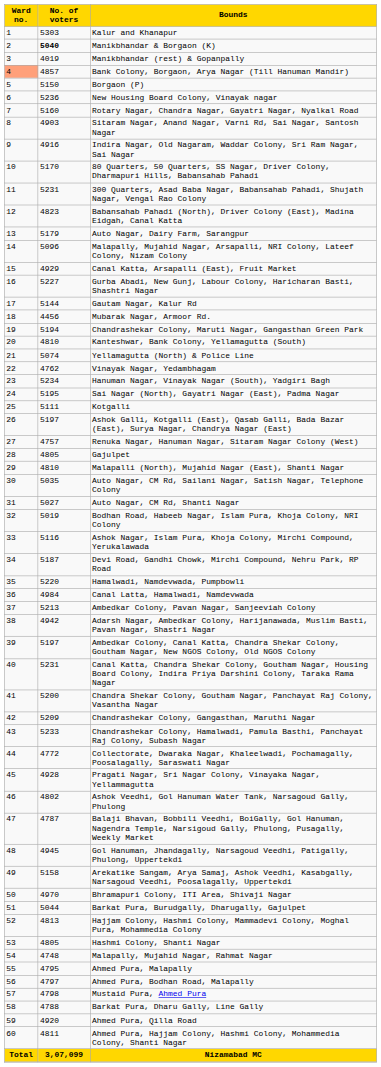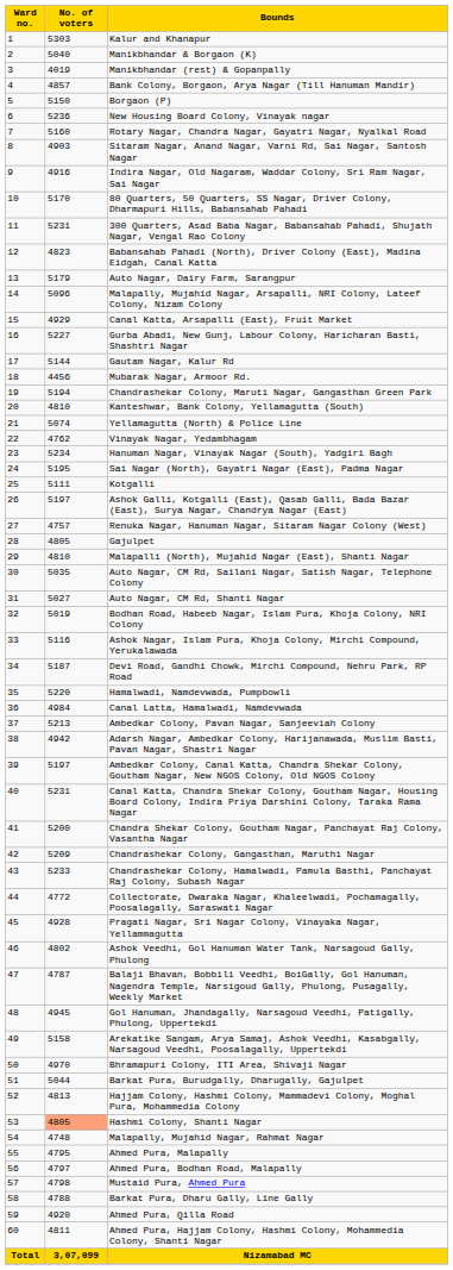 <table class="wikitable sortable">
 <tr>
 <th ! style="background-color:#FFD700">Ward no.</th>
 <th ! style="background-color:#FFD700">No. of voters</th>
 <th ! style="background-color:#FFD700">Bounds</th>
 </tr>
 <tr>
 <td valign="top">1</td>
 <td valign="top">5303</td>
 <td valign="top">Kalur and Khanapur</td>
 </tr>
 <tr>
 <td valign="top">2</td>
-<td valign="top"><strong>5040</strong></td>
+<td valign="top">5040</td>
 <td valign="top">Manikbhandar & Borgaon (K)</td>
 </tr>
 <tr>
 <td valign="top">3</td>
 <td valign="top">4019</td>
 <td valign="top">Manikbhandar (rest) & Gopanpally</td>
 </tr>
 <tr>
-<td valign="top" style="background: lightsalmon;">4</td>
+<td valign="top">4</td>
 <td valign="top">4857</td>
 <td valign="top">Bank Colony, Borgaon, Arya Nagar (Till Hanuman Mandir)</td>
 </tr>
 <tr>
 <td valign="top">5</td>
 <td valign="top">5150</td>
 <td valign="top">Borgaon (P)</td>
 </tr>
 <tr>
 <td valign="top">6</td>
 <td valign="top">5236</td>
 <td valign="top">New Housing Board Colony, Vinayak nagar</td>
 </tr>
 <tr>
 <td valign="top">7</td>
 <td valign="top">5160</td>
 <td valign="top">Rotary Nagar, Chandra Nagar, Gayatri Nagar, Nyalkal Road</td>
 </tr>
 <tr>
 <td valign="top">8</td>
 <td valign="top">4903</td>
 <td valign="top">Sitaram Nagar, Anand Nagar,  Varni Rd, Sai Nagar, Santosh Nagar</td>
 </tr>
 <tr>
 <td valign="top">9</td>
 <td valign="top">4916</td>
 <td valign="top">Indira Nagar, Old Nagaram, Waddar Colony, Sri Ram Nagar, Sai Nagar</td>
 </tr>
 <tr>
 <td valign="top">10</td>
 <td valign="top">5170</td>
 <td valign="top">80 Quarters, 50 Quarters, SS Nagar, Driver Colony, Dharmapuri Hills, Babansahab Pahadi</td>
 </tr>
 <tr>
 <td valign="top">11</td>
 <td valign="top">5231</td>
 <td valign="top">300 Quarters, Asad Baba Nagar, Babansahab Pahadi, Shujath Nagar, Vengal Rao Colony</td>
 </tr>
 <tr>
 <td valign="top">12</td>
 <td valign="top">4823</td>
 <td valign="top">Babansahab Pahadi (North), Driver Colony (East), Madina Eidgah, Canal Katta</td>
 </tr>
 <tr>
 <td valign="top">13</td>
 <td valign="top">5179</td>
 <td valign="top">Auto Nagar, Dairy Farm, Sarangpur</td>
 </tr>
 <tr>
 <td valign="top">14</td>
 <td valign="top">5096</td>
 <td valign="top">Malapally, Mujahid Nagar, Arsapalli, NRI Colony, Lateef Colony, Nizam Colony</td>
 </tr>
 <tr>
 <td valign="top">15</td>
 <td valign="top">4929</td>
 <td valign="top">Canal Katta, Arsapalli (East), Fruit Market</td>
 </tr>
 <tr>
 <td valign="top">16</td>
 <td valign="top">5227</td>
 <td valign="top">Gurba Abadi, New Gunj, Labour Colony, Haricharan Basti, Shashtri Nagar</td>
 </tr>
 <tr>
 <td valign="top">17</td>
 <td valign="top">5144</td>
 <td valign="top">Gautam Nagar, Kalur Rd</td>
 </tr>
 <tr>
 <td valign="top">18</td>
 <td valign="top">4456</td>
 <td valign="top">Mubarak Nagar, Armoor Rd.</td>
 </tr>
 <tr>
 <td valign="top">19</td>
 <td valign="top">5194</td>
 <td valign="top">Chandrashekar Colony, Maruti Nagar, Gangasthan Green Park</td>
 </tr>
 <tr>
 <td valign="top">20</td>
 <td valign="top">4810</td>
 <td valign="top">Kanteshwar, Bank Colony, Yellamagutta (South)</td>
 </tr>
 <tr>
 <td valign="top">21</td>
 <td valign="top">5074</td>
 <td valign="top">Yellamagutta (North) & Police Line</td>
 </tr>
 <tr>
 <td valign="top">22</td>
 <td valign="top">4762</td>
 <td valign="top">Vinayak Nagar, Yedambhagam</td>
 </tr>
 <tr>
 <td valign="top">23</td>
 <td valign="top">5234</td>
 <td valign="top">Hanuman Nagar, Vinayak Nagar (South), Yadgiri Bagh</td>
 </tr>
 <tr>
 <td valign="top">24</td>
 <td valign="top">5195</td>
 <td valign="top">Sai Nagar (North), Gayatri Nagar (East), Padma Nagar</td>
 </tr>
 <tr>
 <td valign="top">25</td>
 <td valign="top">5111</td>
 <td valign="top">Kotgalli</td>
 </tr>
 <tr>
 <td valign="top">26</td>
 <td valign="top">5197</td>
 <td valign="top">Ashok Galli, Kotgalli (East), Qasab Galli, Bada Bazar (East), Surya Nagar, Chandrya Nagar (East)</td>
 </tr>
 <tr>
 <td valign="top">27</td>
 <td valign="top">4757</td>
 <td valign="top">Renuka Nagar, Hanuman Nagar, Sitaram Nagar Colony (West)</td>
 </tr>
 <tr>
 <td valign="top">28</td>
 <td valign="top">4805</td>
 <td valign="top">Gajulpet</td>
 </tr>
 <tr>
 <td valign="top">29</td>
 <td valign="top">4810</td>
 <td valign="top">Malapalli (North), Mujahid Nagar (East), Shanti Nagar</td>
 </tr>
 <tr>
 <td valign="top">30</td>
 <td valign="top">5035</td>
 <td valign="top">Auto Nagar, CM Rd, Sailani Nagar, Satish Nagar, Telephone Colony</td>
 </tr>
 <tr>
 <td valign="top">31</td>
 <td valign="top">5027</td>
 <td valign="top">Auto Nagar, CM Rd, Shanti Nagar</td>
 </tr>
 <tr>
 <td valign="top">32</td>
 <td valign="top">5019</td>
 <td valign="top">Bodhan Road, Habeeb Nagar, Islam Pura, Khoja Colony, NRI Colony</td>
 </tr>
 <tr>
 <td valign="top">33</td>
 <td valign="top">5116</td>
 <td valign="top">Ashok Nagar, Islam Pura, Khoja Colony, Mirchi Compound, Yerukalawada</td>
 </tr>
 <tr>
 <td valign="top">34</td>
 <td valign="top">5187</td>
 <td valign="top">Devi Road, Gandhi Chowk, Mirchi Compound, Nehru Park, RP Road</td>
 </tr>
 <tr>
 <td valign="top">35</td>
 <td valign="top">5220</td>
 <td valign="top">Hamalwadi, Namdevwada, Pumpbowli</td>
 </tr>
 <tr>
 <td valign="top">36</td>
 <td valign="top">4984</td>
 <td valign="top">Canal Latta, Hamalwadi, Namdevwada</td>
 </tr>
 <tr>
 <td valign="top">37</td>
 <td valign="top">5213</td>
 <td valign="top">Ambedkar Colony, Pavan Nagar, Sanjeeviah Colony</td>
 </tr>
 <tr>
 <td valign="top">38</td>
 <td valign="top">4942</td>
 <td valign="top">Adarsh Nagar, Ambedkar Colony, Harijanawada, Muslim Basti, Pavan Nagar, Shastri Nagar</td>
 </tr>
 <tr>
 <td valign="top">39</td>
 <td valign="top">5197</td>
 <td valign="top">Ambedkar Colony, Canal Katta, Chandra Shekar Colony, Goutham Nagar, New NGOS Colony, Old NGOS Colony</td>
 </tr>
 <tr>
 <td valign="top">40</td>
 <td valign="top">5231</td>
 <td valign="top">Canal Katta, Chandra Shekar Colony, Goutham Nagar, Housing Board Colony, Indira Priya Darshini Colony, Taraka Rama Nagar</td>
 </tr>
 <tr>
 <td valign="top">41</td>
 <td valign="top">5200</td>
 <td valign="top">Chandra Shekar Colony, Goutham Nagar, Panchayat Raj Colony, Vasantha Nagar</td>
 </tr>
 <tr>
 <td valign="top">42</td>
 <td valign="top">5209</td>
 <td valign="top">Chandrashekar Colony, Gangasthan, Maruthi Nagar</td>
 </tr>
 <tr>
 <td valign="top">43</td>
 <td valign="top">5233</td>
 <td valign="top">Chandrashekar Colony, Hamalwadi, Pamula Basthi, Panchayat Raj Colony, Subash Nagar</td>
 </tr>
 <tr>
 <td valign="top">44</td>
 <td valign="top">4772</td>
 <td valign="top">Collectorate, Dwaraka Nagar, Khaleelwadi, Pochamagally, Poosalagally, Saraswati Nagar</td>
 </tr>
 <tr>
 <td valign="top">45</td>
 <td valign="top">4928</td>
 <td valign="top">Pragati Nagar, Sri Nagar Colony, Vinayaka Nagar, Yellammagutta</td>
 </tr>
 <tr>
 <td valign="top">46</td>
 <td valign="top">4802</td>
 <td valign="top">Ashok Veedhi, Gol Hanuman Water Tank, Narsagoud Gally, Phulong</td>
 </tr>
 <tr>
 <td valign="top">47</td>
 <td valign="top">4787</td>
 <td valign="top">Balaji Bhavan, Bobbili Veedhi, BoiGally, Gol Hanuman, Nagendra Temple, Narsigoud Gally, Phulong, Pusagally, Weekly Market</td>
 </tr>
 <tr>
 <td valign="top">48</td>
 <td valign="top">4945</td>
 <td valign="top">Gol Hanuman, Jhandagally, Narsagoud Veedhi, Patigally, Phulong, Uppertekdi</td>
 </tr>
 <tr>
 <td valign="top">49</td>
 <td valign="top">5158</td>
 <td valign="top">Arekatike Sangam, Arya Samaj, Ashok Veedhi, Kasabgally, Narsagoud Veedhi, Poosalagally, Uppertekdi</td>
 </tr>
 <tr>
 <td valign="top">50</td>
 <td valign="top">4970</td>
 <td valign="top">Bhramapuri Colony, ITI Area, Shivaji Nagar</td>
 </tr>
 <tr>
 <td valign="top">51</td>
 <td valign="top">5044</td>
 <td valign="top">Barkat Pura, Burudgally, Dharugally, Gajulpet</td>
 </tr>
 <tr>
 <td valign="top">52</td>
 <td valign="top">4813</td>
 <td valign="top">Hajjam Colony, Hashmi Colony, Mammadevi Colony, Moghal Pura, Mohammedia Colony</td>
 </tr>
 <tr>
 <td valign="top">53</td>
-<td valign="top">4805</td>
+<td valign="top" style="background: lightsalmon;">4805</td>
 <td valign="top">Hashmi Colony, Shanti Nagar</td>
 </tr>
 <tr>
 <td valign="top">54</td>
 <td valign="top">4748</td>
 <td valign="top">Malapally, Mujahid Nagar, Rahmat Nagar</td>
 </tr>
 <tr>
 <td valign="top">55</td>
 <td valign="top">4795</td>
 <td valign="top">Ahmed Pura, Malapally</td>
 </tr>
 <tr>
 <td valign="top">56</td>
 <td valign="top">4797</td>
 <td valign="top">Ahmed Pura, Bodhan Road, Malapally</td>
 </tr>
 <tr>
 <td valign="top">57</td>
 <td valign="top">4798</td>
 <td valign="top">Mustaid Pura, <a href='#'>Ahmed Pura</a></td>
 </tr>
 <tr>
 <td valign="top">58</td>
 <td valign="top">4788</td>
 <td valign="top">Barkat Pura, Dharu Gally, Line Gally</td>
 </tr>
 <tr>
 <td valign="top">59</td>
 <td valign="top">4920</td>
 <td valign="top">Ahmed Pura, Qilla Road</td>
 </tr>
 <tr>
 <td valign="top">60</td>
 <td valign="top">4811</td>
 <td valign="top">Ahmed Pura, Hajjam Colony, Hashmi Colony, Mohammedia Colony, Shanti Nagar</td>
 </tr>
 <tr>
 <th ! style="background-color:#FFD700">Total</th>
 <th ! style="background-color:#FFD700">3,07,099</th>
 <th ! style="background-color:#FFD700">Nizamabad MC</th>
 </tr>
 <tr>
 </tr>
 </table>
